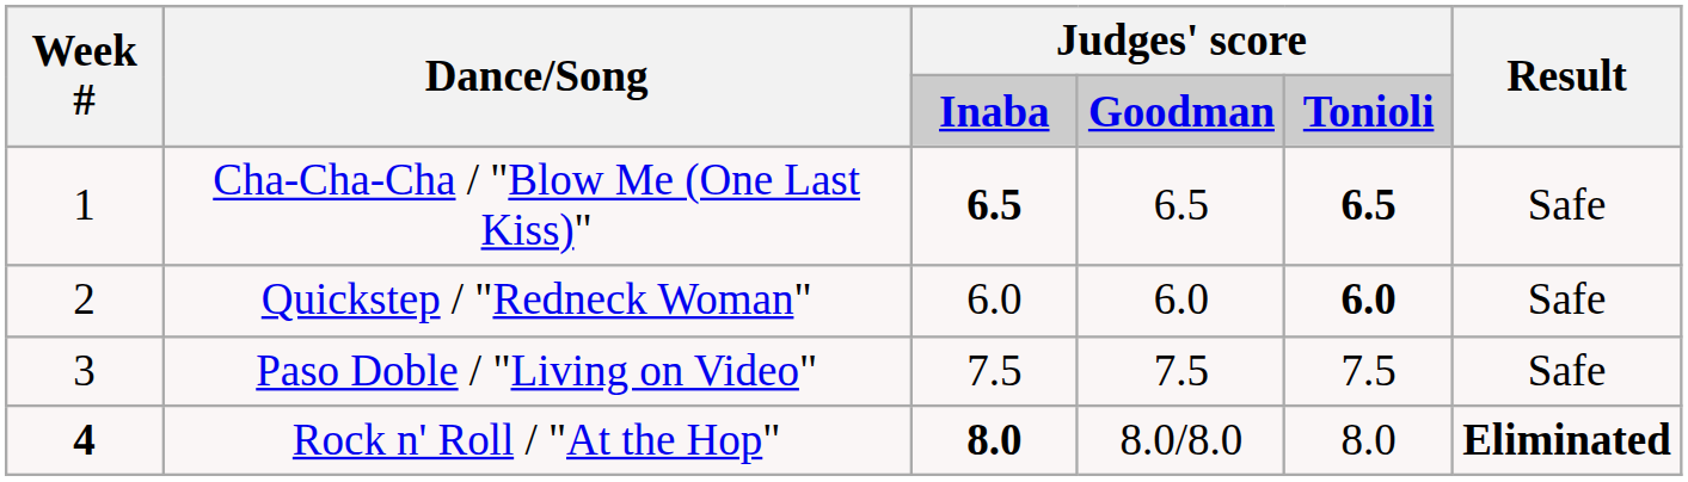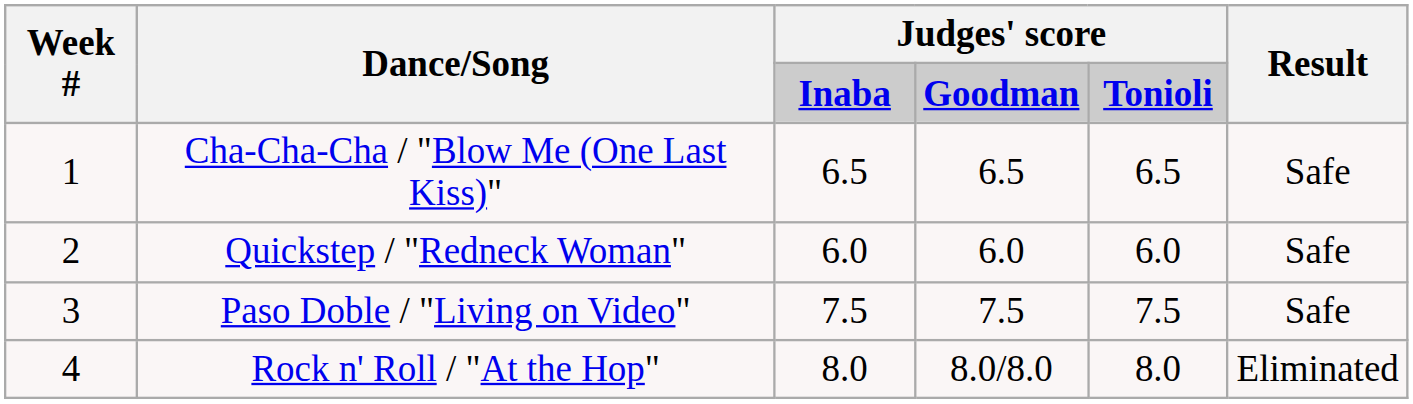 <table class="wikitable collapsible collapsed">
 <tr style="text-align: center; background:#ccc;">
 <th rowspan="2">Week #</th>
 <th rowspan="2">Dance/Song</th>
 <th colspan="3">Judges' score</th>
 <th rowspan="2">Result</th>
 </tr>
 <tr style="text-align: center; background:#ccc;">
 <td style="width:10%; "><strong><a href='#'>Inaba</a></strong></td>
 <td style="width:10%; "><strong><a href='#'>Goodman</a></strong></td>
 <td style="width:10%; "><strong><a href='#'>Tonioli</a></strong></td>
 </tr>
 <tr style="text-align: center; background:#faf6f6;">
 <td>1</td>
 <td><a href='#'>Cha-Cha-Cha</a> / "<a href='#'>Blow Me (One Last Kiss)</a>"</td>
-<td><strong>6.5</strong></td>
 <td>6.5</td>
-<td><strong>6.5</strong></td>
+<td>6.5</td>
+<td>6.5</td>
 <td>Safe</td>
 </tr>
 <tr style="text-align:center; background:#faf6f6;">
 <td>2</td>
 <td><a href='#'>Quickstep</a> / "<a href='#'>Redneck Woman</a>"</td>
 <td>6.0</td>
 <td>6.0</td>
-<td><strong>6.0</strong></td>
+<td>6.0</td>
 <td>Safe</td>
 </tr>
 <tr style="text-align:center; background:#faf6f6;">
 <td>3</td>
 <td><a href='#'>Paso Doble</a> / "<a href='#'>Living on Video</a>"</td>
 <td>7.5</td>
 <td>7.5</td>
 <td>7.5</td>
 <td>Safe</td>
 </tr>
 <tr style="text-align:center; background:#faf6f6;">
-<td><strong>4</strong></td>
+<td>4</td>
 <td><a href='#'>Rock n' Roll</a> / "<a href='#'>At the Hop</a>"</td>
-<td><strong>8.0</strong></td>
+<td>8.0</td>
 <td>8.0/8.0</td>
 <td>8.0</td>
-<td><strong>Eliminated</strong></td>
+<td>Eliminated</td>
 </tr>
 </table>
